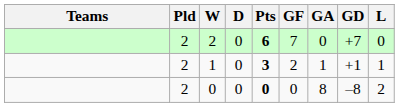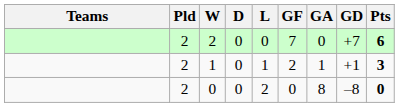 <table class="wikitable" style="text-align: center;">
 <tr>
 <th width=165>Teams</th>
 <th width=20>Pld</th>
 <th width=20>W</th>
 <th width=20>D</th>
-<th width=20>Pts</th>
+<th width=20>L</th>
 <th width=20>GF</th>
 <th width=20>GA</th>
 <th width=20>GD</th>
-<th width=20>L</th>
+<th width=20>Pts</th>
 </tr>
 <tr align=center style="background:#ccffcc;">
 <td style="text-align:left;"></td>
 <td>2</td>
 <td>2</td>
 <td>0</td>
-<td><strong>6</strong></td>
+<td>0</td>
 <td>7</td>
 <td>0</td>
 <td>+7</td>
-<td>0</td>
+<td><strong>6</strong></td>
 </tr>
 <tr align=center>
 <td style="text-align:left;"></td>
 <td>2</td>
 <td>1</td>
 <td>0</td>
-<td><strong>3</strong></td>
+<td>1</td>
 <td>2</td>
 <td>1</td>
 <td>+1</td>
-<td>1</td>
+<td><strong>3</strong></td>
 </tr>
 <tr align=center>
 <td style="text-align:left;"></td>
 <td>2</td>
 <td>0</td>
 <td>0</td>
-<td><strong>0</strong></td>
+<td>2</td>
 <td>0</td>
 <td>8</td>
 <td>–8</td>
-<td>2</td>
+<td><strong>0</strong></td>
 </tr>
 </table>
